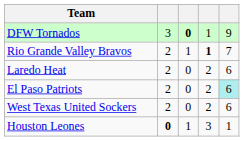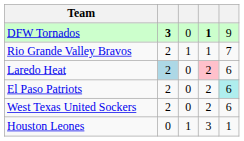 <table class="wikitable" style="text-align: center">
 <tr>
 <th style="width:200px;">Team</th>
 <th style="width:20px;"></th>
 <th style="width:20px;"></th>
 <th style="width:20px;"></th>
 <th style="width:20px;"></th>
 </tr>
 <tr style="background:#cfc;">
 <td align="left"><a href='#'>DFW Tornados</a></td>
-<td>3</td>
-<td><strong>0</strong></td>
-<td>1</td>
+<td><strong>3</strong></td>
+<td>0</td>
+<td><strong>1</strong></td>
 <td>9</td>
 </tr>
 <tr>
 <td align="left"><a href='#'>Rio Grande Valley Bravos</a></td>
 <td>2</td>
 <td>1</td>
-<td><strong>1</strong></td>
+<td>1</td>
 <td>7</td>
 </tr>
 <tr>
 <td align="left"><a href='#'>Laredo Heat</a></td>
-<td>2</td>
+<td style="background: lightblue;">2</td>
 <td>0</td>
-<td>2</td>
+<td style="background: pink;">2</td>
 <td>6</td>
 </tr>
 <tr>
 <td align="left"><a href='#'>El Paso Patriots</a></td>
 <td>2</td>
 <td>0</td>
 <td>2</td>
 <td style="background: paleturquoise;">6</td>
 </tr>
 <tr>
 <td align="left"><a href='#'>West Texas United Sockers</a></td>
 <td>2</td>
 <td>0</td>
 <td>2</td>
 <td>6</td>
 </tr>
 <tr>
 <td align="left"><a href='#'>Houston Leones</a></td>
-<td><strong>0</strong></td>
+<td>0</td>
 <td>1</td>
 <td>3</td>
 <td>1</td>
 </tr>
 </table>
